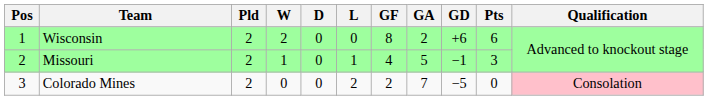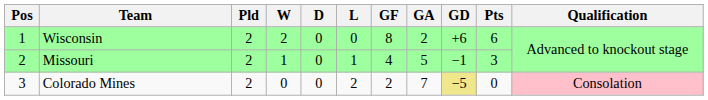 <table class="wikitable" style="text-align:center; margin: 1em auto">
 <tr>
 <th style="width:2em">Pos</th>
 <th style="width:13em">Team</th>
 <th style="width:2em">Pld</th>
 <th style="width:2em">W</th>
 <th style="width:2em">D</th>
 <th style="width:2em">L</th>
 <th style="width:2em">GF</th>
 <th style="width:2em">GA</th>
 <th style="width:2em">GD</th>
 <th style="width:2em">Pts</th>
 <th style="width:13em">Qualification</th>
 </tr>
 <tr bgcolor="#9eff9e">
 <td>1</td>
 <td style="text-align:left">Wisconsin</td>
 <td>2</td>
 <td>2</td>
 <td>0</td>
 <td>0</td>
 <td>8</td>
 <td>2</td>
 <td>+6</td>
 <td>6</td>
 <td rowspan="2">Advanced to knockout stage</td>
 </tr>
 <tr bgcolor="#9eff9e">
 <td>2</td>
 <td style="text-align:left">Missouri</td>
 <td>2</td>
 <td>1</td>
 <td>0</td>
 <td>1</td>
 <td>4</td>
 <td>5</td>
 <td>−1</td>
 <td>3</td>
 </tr>
 <tr>
 <td>3</td>
 <td style="text-align:left">Colorado Mines</td>
 <td>2</td>
 <td>0</td>
 <td>0</td>
 <td>2</td>
 <td>2</td>
 <td>7</td>
-<td>−5</td>
+<td style="background: khaki;">−5</td>
 <td>0</td>
 <td style="background: pink;">Consolation</td>
 </tr>
 </table>
